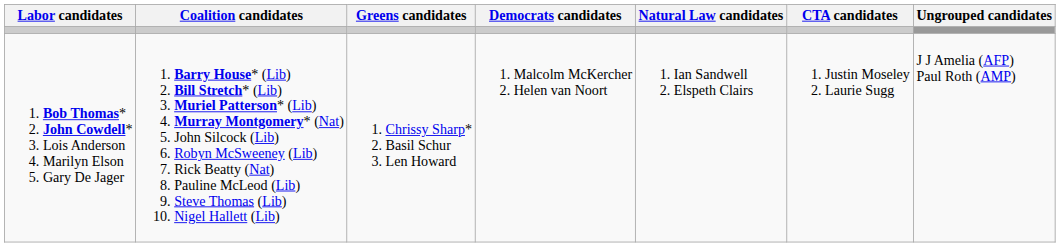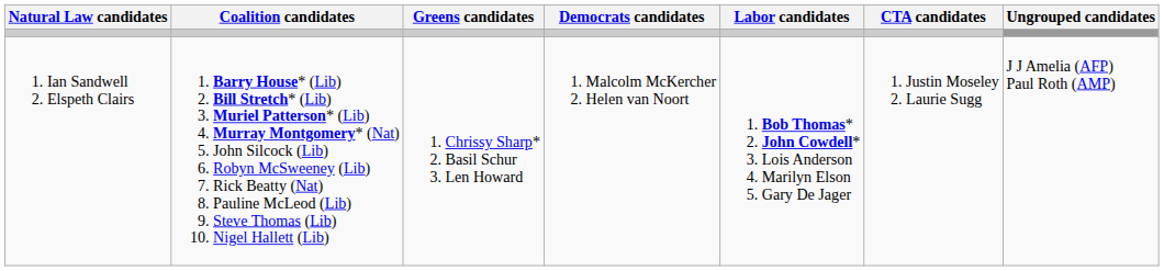 <table class="wikitable">
 <tr>
-<th><a href='#'>Labor</a> candidates</th>
+<th><a href='#'>Natural Law</a> candidates</th>
 <th><a href='#'>Coalition</a> candidates</th>
 <th><a href='#'>Greens</a> candidates</th>
 <th><a href='#'>Democrats</a> candidates</th>
-<th><a href='#'>Natural Law</a> candidates</th>
+<th><a href='#'>Labor</a> candidates</th>
 <th><a href='#'>CTA</a> candidates</th>
 <th>Ungrouped candidates</th>
 </tr>
 <tr bgcolor="#cccccc">
 <td></td>
 <td></td>
 <td></td>
 <td></td>
 <td></td>
 <td></td>
 <td bgcolor="#999999"></td>
 </tr>
 <tr>
-<td><br><ol><li><strong><a href='#'>Bob Thomas</a></strong>*</li><li><strong><a href='#'>John Cowdell</a></strong>*</li><li>Lois Anderson</li><li>Marilyn Elson</li><li>Gary De Jager</li></ol></td>
+<td valign=top><br><ol><li>Ian Sandwell</li><li>Elspeth Clairs</li></ol></td>
 <td><br><ol><li><strong><a href='#'>Barry House</a></strong>* (<a href='#'>Lib</a>)</li><li><strong><a href='#'>Bill Stretch</a></strong>* (<a href='#'>Lib</a>)</li><li><strong><a href='#'>Muriel Patterson</a></strong>* (<a href='#'>Lib</a>)</li><li><strong><a href='#'>Murray Montgomery</a></strong>* (<a href='#'>Nat</a>)</li><li>John Silcock (<a href='#'>Lib</a>)</li><li><a href='#'>Robyn McSweeney</a> (<a href='#'>Lib</a>)</li><li>Rick Beatty (<a href='#'>Nat</a>)</li><li>Pauline McLeod (<a href='#'>Lib</a>)</li><li><a href='#'>Steve Thomas</a> (<a href='#'>Lib</a>)</li><li><a href='#'>Nigel Hallett</a> (<a href='#'>Lib</a>)</li></ol></td>
 <td><br><ol><li><a href='#'>Chrissy Sharp</a>*</li><li>Basil Schur</li><li>Len Howard</li></ol></td>
 <td valign=top><br><ol><li>Malcolm McKercher</li><li>Helen van Noort</li></ol></td>
-<td valign=top><br><ol><li>Ian Sandwell</li><li>Elspeth Clairs</li></ol></td>
+<td><br><ol><li><strong><a href='#'>Bob Thomas</a></strong>*</li><li><strong><a href='#'>John Cowdell</a></strong>*</li><li>Lois Anderson</li><li>Marilyn Elson</li><li>Gary De Jager</li></ol></td>
 <td valign=top><br><ol><li>Justin Moseley</li><li>Laurie Sugg</li></ol></td>
 <td valign=top><br>J J Amelia (<a href='#'>AFP</a>) <br> Paul Roth (<a href='#'>AMP</a>)</td>
 </tr>
 </table>
